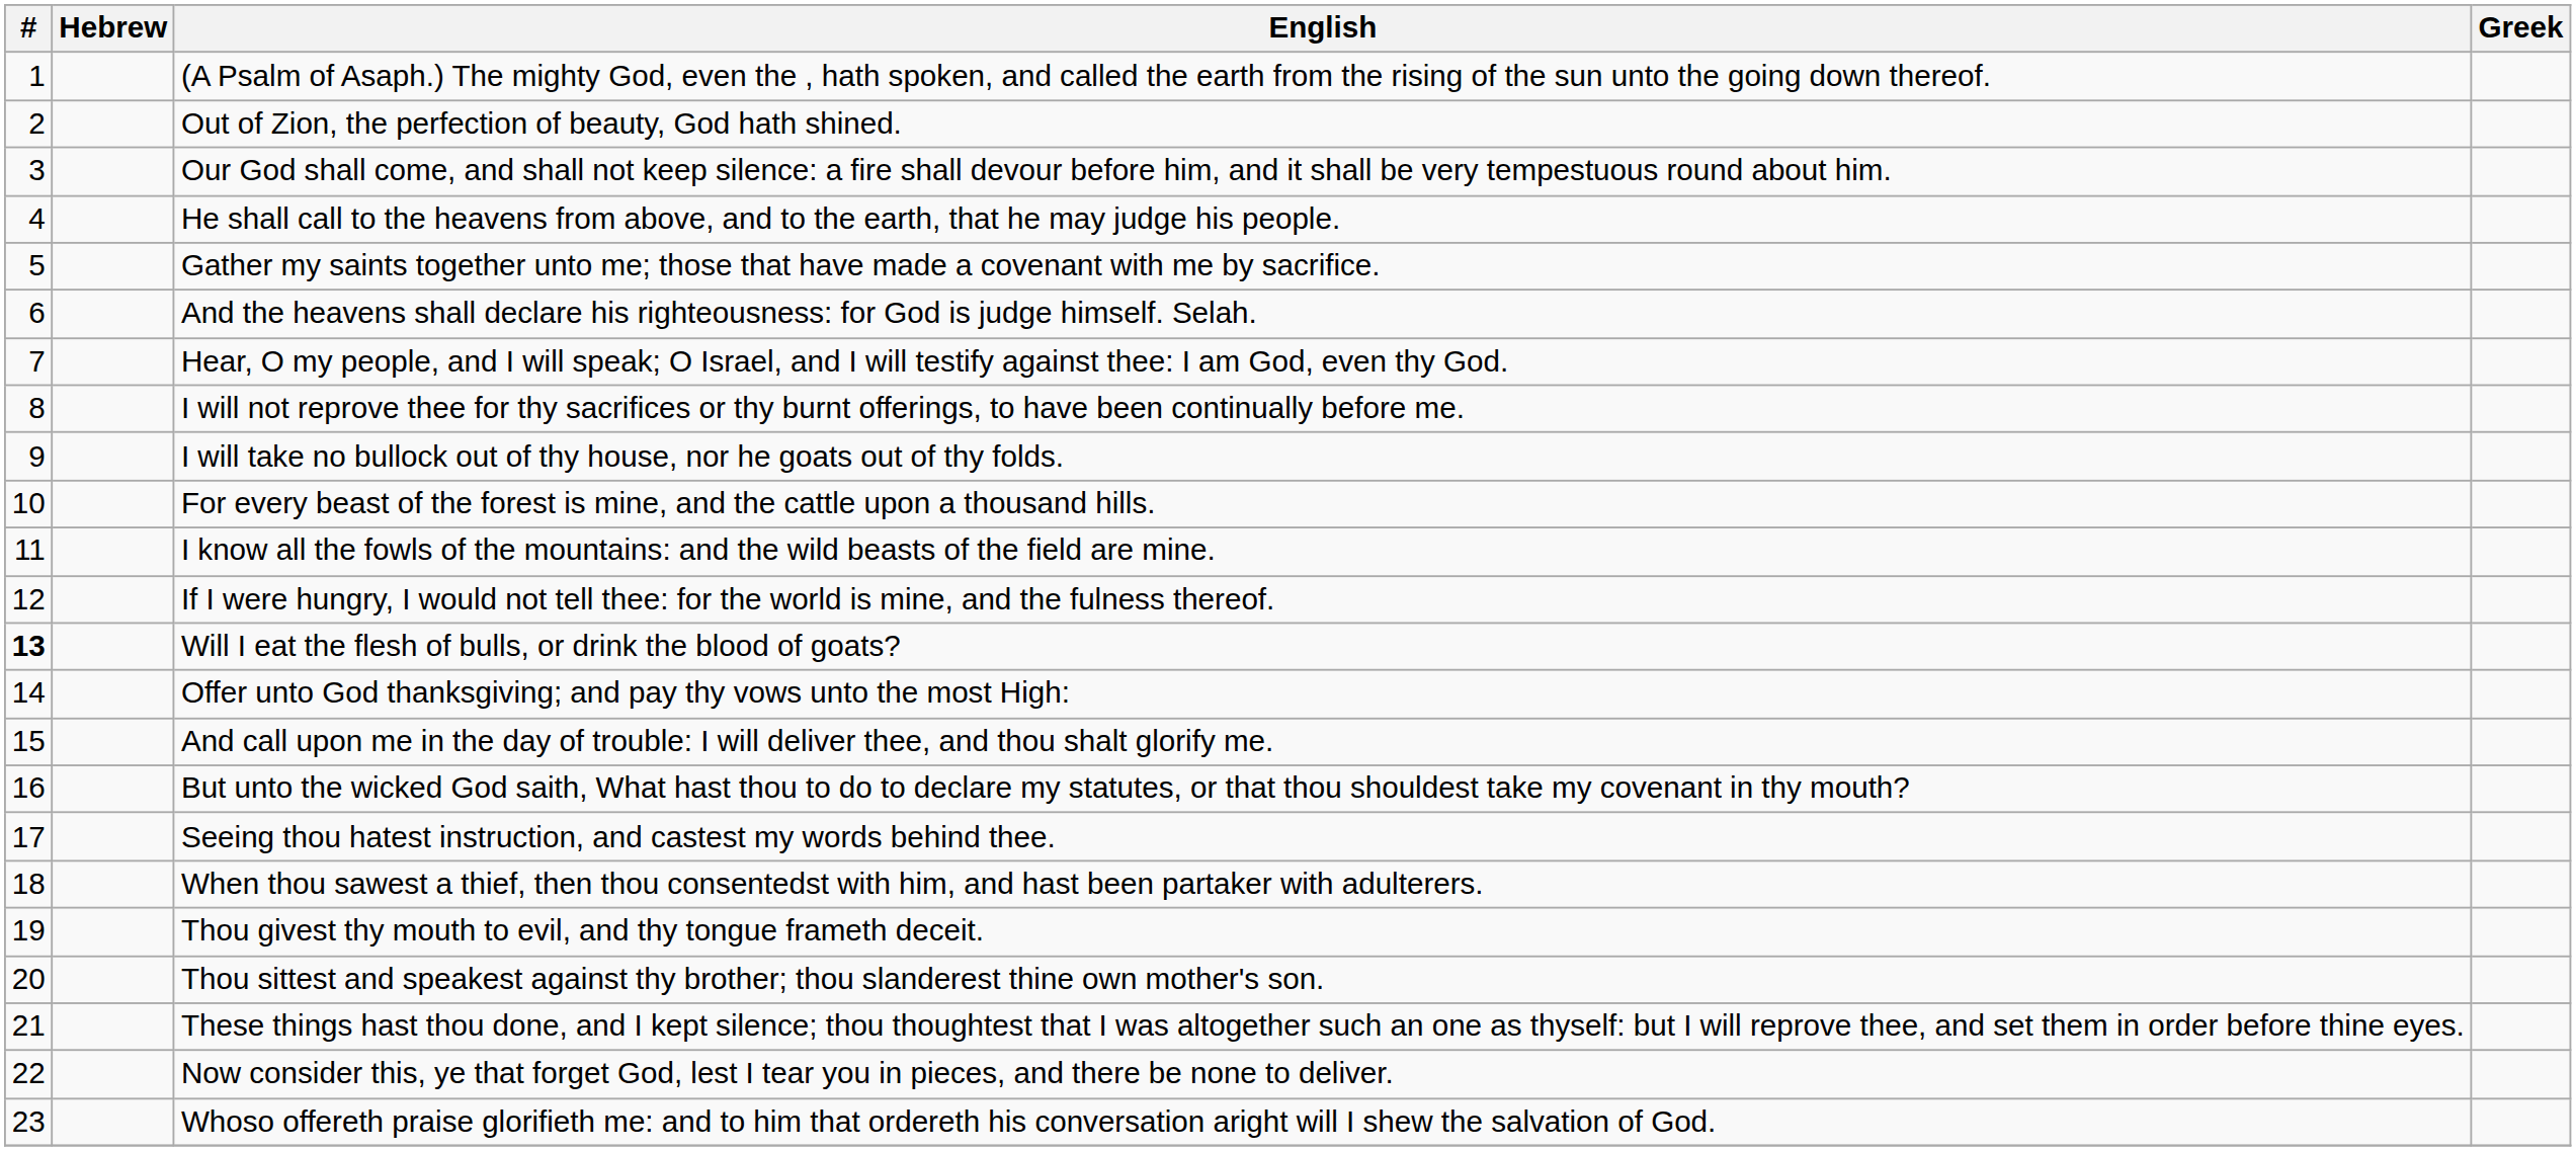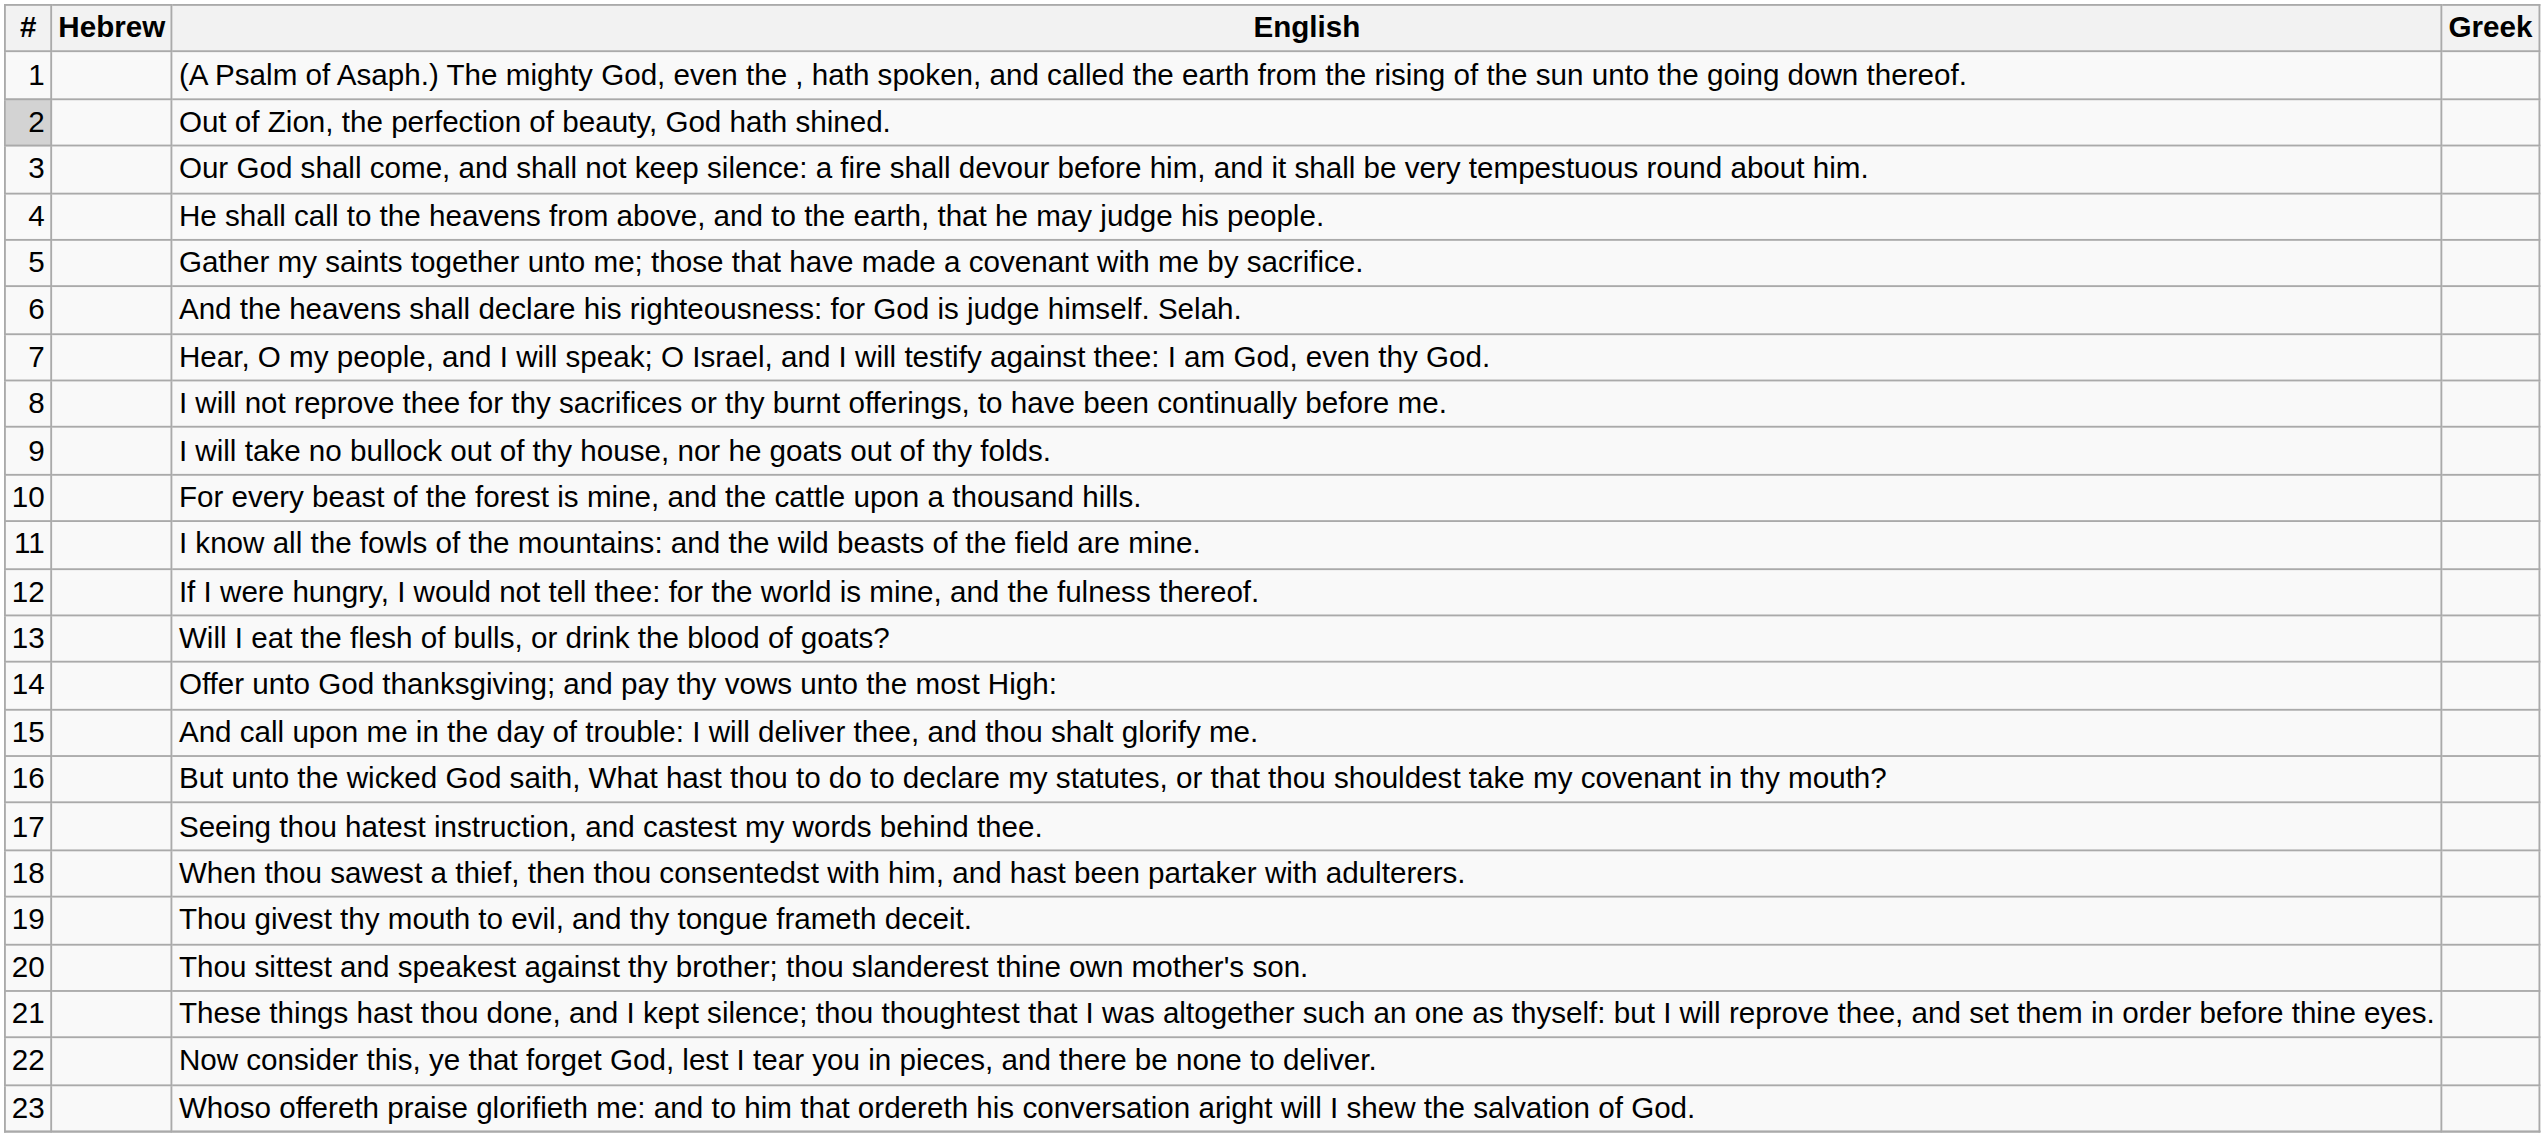 <table class=wikitable>
 <tr>
 <th>#</th>
 <th>Hebrew</th>
 <th>English</th>
 <th>Greek</th>
 </tr>
 <tr>
 <td style="text-align:right">1</td>
 <td style="text-align:right"></td>
 <td>(A Psalm of Asaph.) The mighty God, even the , hath spoken, and called the earth from the rising of the sun unto the going down thereof.</td>
 <td></td>
 </tr>
 <tr>
-<td style="text-align:right">2</td>
+<td style="background: lightgrey; text-align:right">2</td>
 <td style="text-align:right"></td>
 <td>Out of Zion, the perfection of beauty, God hath shined.</td>
 <td></td>
 </tr>
 <tr>
 <td style="text-align:right">3</td>
 <td style="text-align:right"></td>
 <td>Our God shall come, and shall not keep silence: a fire shall devour before him, and it shall be very tempestuous round about him.</td>
 <td></td>
 </tr>
 <tr>
 <td style="text-align:right">4</td>
 <td style="text-align:right"></td>
 <td>He shall call to the heavens from above, and to the earth, that he may judge his people.</td>
 <td></td>
 </tr>
 <tr>
 <td style="text-align:right">5</td>
 <td style="text-align:right"></td>
 <td>Gather my saints together unto me; those that have made a covenant with me by sacrifice.</td>
 <td></td>
 </tr>
 <tr>
 <td style="text-align:right">6</td>
 <td style="text-align:right"></td>
 <td>And the heavens shall declare his righteousness: for God is judge himself. Selah.</td>
 <td></td>
 </tr>
 <tr>
 <td style="text-align:right">7</td>
 <td style="text-align:right"></td>
 <td>Hear, O my people, and I will speak; O Israel, and I will testify against thee: I am God, even thy God.</td>
 <td></td>
 </tr>
 <tr>
 <td style="text-align:right">8</td>
 <td style="text-align:right"></td>
 <td>I will not reprove thee for thy sacrifices or thy burnt offerings, to have been continually before me.</td>
 <td></td>
 </tr>
 <tr>
 <td style="text-align:right">9</td>
 <td style="text-align:right"></td>
 <td>I will take no bullock out of thy house, nor he goats out of thy folds.</td>
 <td></td>
 </tr>
 <tr>
 <td style="text-align:right">10</td>
 <td style="text-align:right"></td>
 <td>For every beast of the forest is mine, and the cattle upon a thousand hills.</td>
 <td></td>
 </tr>
 <tr>
 <td style="text-align:right">11</td>
 <td style="text-align:right"></td>
 <td>I know all the fowls of the mountains: and the wild beasts of the field are mine.</td>
 <td></td>
 </tr>
 <tr>
 <td style="text-align:right">12</td>
 <td style="text-align:right"></td>
 <td>If I were hungry, I would not tell thee: for the world is mine, and the fulness thereof.</td>
 <td></td>
 </tr>
 <tr>
-<td style="text-align:right"><strong>13</strong></td>
+<td style="text-align:right">13</td>
 <td style="text-align:right"></td>
 <td>Will I eat the flesh of bulls, or drink the blood of goats?</td>
 <td></td>
 </tr>
 <tr>
 <td style="text-align:right">14</td>
 <td style="text-align:right"></td>
 <td>Offer unto God thanksgiving; and pay thy vows unto the most High:</td>
 <td></td>
 </tr>
 <tr>
 <td style="text-align:right">15</td>
 <td style="text-align:right"></td>
 <td>And call upon me in the day of trouble: I will deliver thee, and thou shalt glorify me.</td>
 <td></td>
 </tr>
 <tr>
 <td style="text-align:right">16</td>
 <td style="text-align:right"></td>
 <td>But unto the wicked God saith, What hast thou to do to declare my statutes, or that thou shouldest take my covenant in thy mouth?</td>
 <td></td>
 </tr>
 <tr>
 <td style="text-align:right">17</td>
 <td style="text-align:right"></td>
 <td>Seeing thou hatest instruction, and castest my words behind thee.</td>
 <td></td>
 </tr>
 <tr>
 <td style="text-align:right">18</td>
 <td style="text-align:right"></td>
 <td>When thou sawest a thief, then thou consentedst with him, and hast been partaker with adulterers.</td>
 <td></td>
 </tr>
 <tr>
 <td style="text-align:right">19</td>
 <td style="text-align:right"></td>
 <td>Thou givest thy mouth to evil, and thy tongue frameth deceit.</td>
 <td></td>
 </tr>
 <tr>
 <td style="text-align:right">20</td>
 <td style="text-align:right"></td>
 <td>Thou sittest and speakest against thy brother; thou slanderest thine own mother's son.</td>
 <td></td>
 </tr>
 <tr>
 <td style="text-align:right">21</td>
 <td style="text-align:right"></td>
 <td>These things hast thou done, and I kept silence; thou thoughtest that I was altogether such an one as thyself: but I will reprove thee, and set them in order before thine eyes.</td>
 <td></td>
 </tr>
 <tr>
 <td style="text-align:right">22</td>
 <td style="text-align:right"></td>
 <td>Now consider this, ye that forget God, lest I tear you in pieces, and there be none to deliver.</td>
 <td></td>
 </tr>
 <tr>
 <td style="text-align:right">23</td>
 <td style="text-align:right"></td>
 <td>Whoso offereth praise glorifieth me: and to him that ordereth his conversation aright will I shew the salvation of God.</td>
 <td></td>
 </tr>
 <tr>
 </tr>
 </table>
